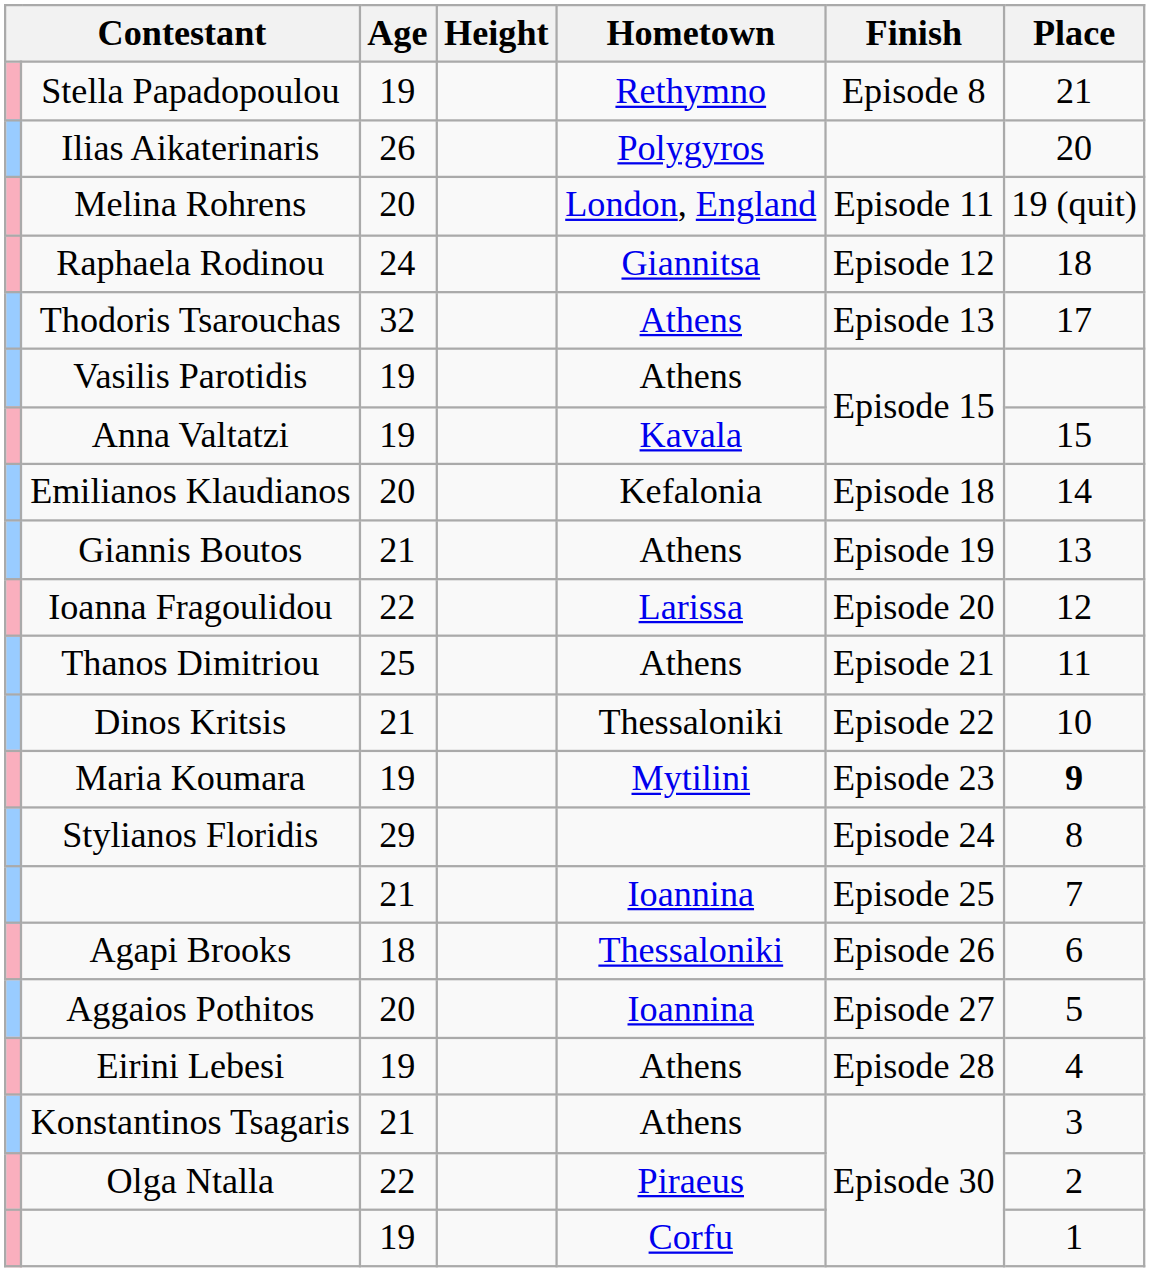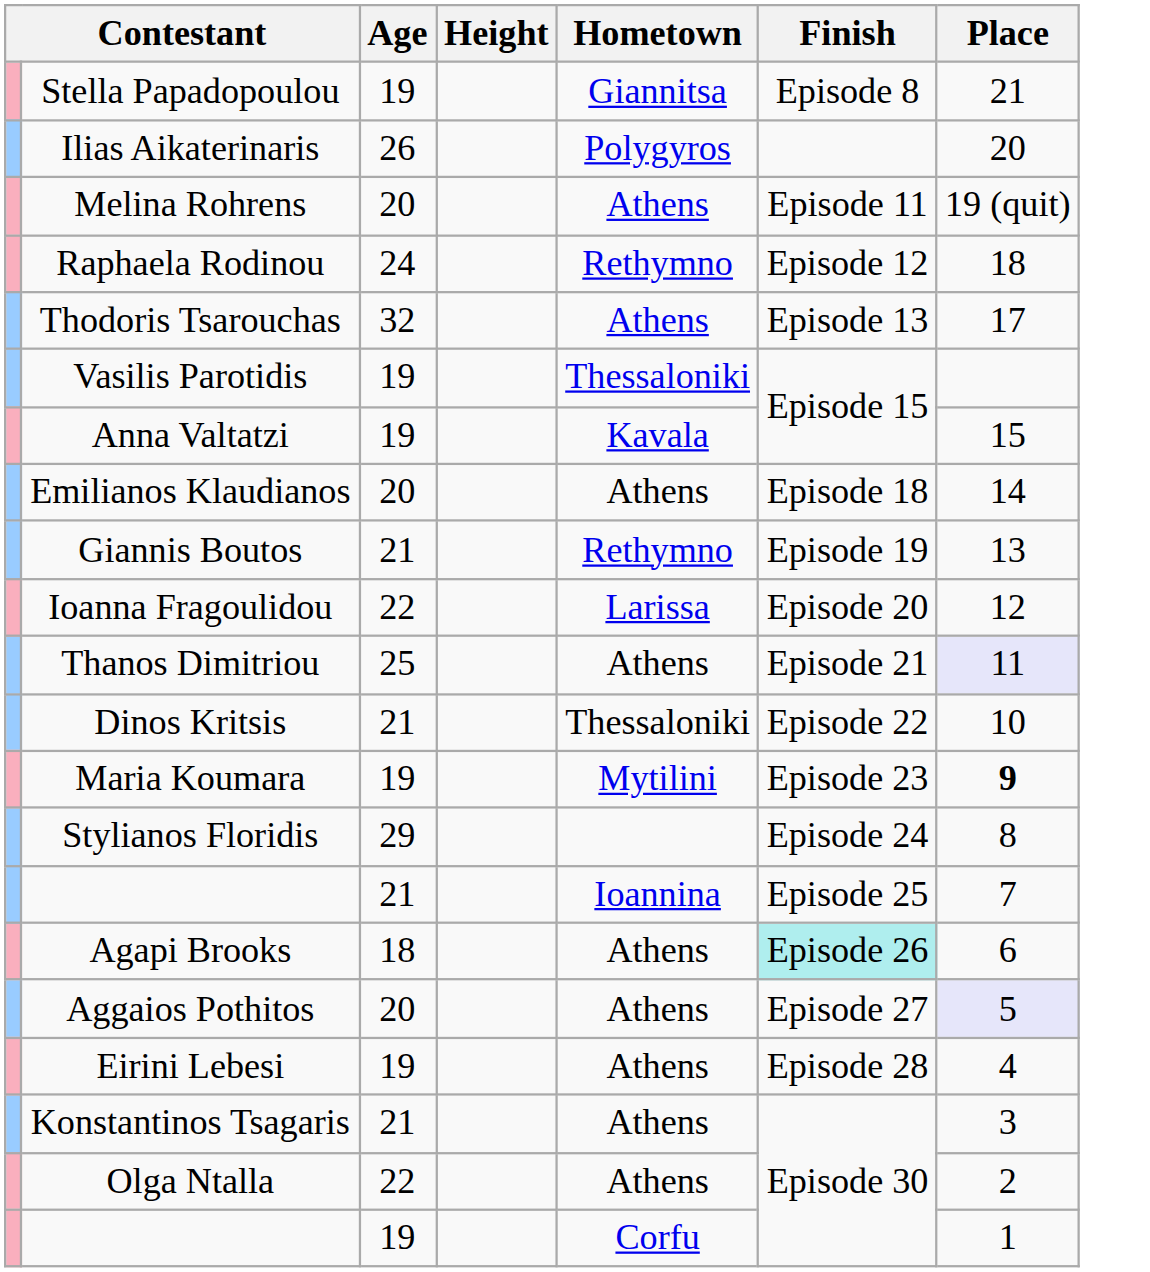 <table class="wikitable sortable" style="text-align:center;">
 <tr>
 <th colspan="2">Contestant</th>
 <th>Age</th>
 <th>Height</th>
 <th>Hometown</th>
 <th>Finish</th>
 <th>Place</th>
 </tr>
 <tr>
 <td style="background:#faafbe"></td>
 <td>Stella Papadopoulou</td>
 <td>19</td>
 <td></td>
-<td><a href='#'>Rethymno</a></td>
+<td><a href='#'>Giannitsa</a></td>
 <td>Episode 8</td>
 <td>21</td>
 </tr>
 <tr>
 <td style="background:#9cf;"></td>
 <td>Ilias Aikaterinaris</td>
 <td>26</td>
 <td></td>
 <td><a href='#'>Polygyros</a></td>
 <td></td>
 <td>20</td>
 </tr>
 <tr>
 <td style="background:#faafbe"></td>
 <td>Melina Rohrens</td>
 <td>20</td>
 <td></td>
-<td><a href='#'>London</a>, <a href='#'>England</a></td>
+<td><a href='#'>Athens</a></td>
 <td>Episode 11</td>
 <td>19 (quit)</td>
 </tr>
 <tr>
 <td style="background:#faafbe"></td>
 <td>Raphaela Rodinou</td>
 <td>24</td>
 <td></td>
-<td><a href='#'>Giannitsa</a></td>
+<td><a href='#'>Rethymno</a></td>
 <td>Episode 12</td>
 <td>18</td>
 </tr>
 <tr>
 <td style="background:#9cf;"></td>
 <td>Thodoris Tsarouchas</td>
 <td>32</td>
 <td></td>
 <td><a href='#'>Athens</a></td>
 <td>Episode 13</td>
 <td>17</td>
 </tr>
 <tr>
 <td style="background:#9cf;"></td>
 <td>Vasilis Parotidis</td>
 <td>19</td>
 <td></td>
-<td>Athens</td>
+<td><a href='#'>Thessaloniki</a></td>
 <td rowspan="2">Episode 15</td>
 <td></td>
 </tr>
 <tr>
 <td style="background:#faafbe"></td>
 <td>Anna Valtatzi</td>
 <td>19</td>
 <td></td>
 <td><a href='#'>Kavala</a></td>
 <td>15</td>
 </tr>
 <tr>
 <td style="background:#9cf;"></td>
 <td>Emilianos Klaudianos</td>
 <td>20</td>
 <td></td>
-<td>Kefalonia</td>
+<td>Athens</td>
 <td>Episode 18</td>
 <td>14</td>
 </tr>
 <tr>
 <td style="background:#9cf;"></td>
 <td>Giannis Boutos</td>
 <td>21</td>
 <td></td>
-<td>Athens</td>
+<td><a href='#'>Rethymno</a></td>
 <td>Episode 19</td>
 <td>13</td>
 </tr>
 <tr>
 <td style="background:#faafbe"></td>
 <td>Ioanna Fragoulidou</td>
 <td>22</td>
 <td></td>
 <td><a href='#'>Larissa</a></td>
 <td>Episode 20</td>
 <td>12</td>
 </tr>
 <tr>
 <td style="background:#9cf;"></td>
 <td>Thanos Dimitriou</td>
 <td>25</td>
 <td></td>
 <td>Athens</td>
 <td>Episode 21</td>
-<td>11</td>
+<td style="background: lavender;">11</td>
 </tr>
 <tr>
 <td style="background:#9cf;"></td>
 <td>Dinos Kritsis</td>
 <td>21</td>
 <td></td>
 <td>Thessaloniki</td>
 <td>Episode 22</td>
 <td>10</td>
 </tr>
 <tr>
 <td style="background:#faafbe"></td>
 <td>Maria Koumara</td>
 <td>19</td>
 <td></td>
 <td><a href='#'>Mytilini</a></td>
 <td>Episode 23</td>
 <td><strong>9</strong></td>
 </tr>
 <tr>
 <td style="background:#9cf;"></td>
 <td>Stylianos Floridis</td>
 <td>29</td>
 <td></td>
 <td></td>
 <td>Episode 24</td>
 <td>8</td>
 </tr>
 <tr>
 <td style="background:#9cf;"></td>
 <td></td>
 <td>21</td>
 <td></td>
 <td><a href='#'>Ioannina</a></td>
 <td>Episode 25</td>
 <td>7</td>
 </tr>
 <tr>
 <td style="background:#faafbe"></td>
 <td>Agapi Brooks</td>
 <td>18</td>
 <td></td>
-<td><a href='#'>Thessaloniki</a></td>
-<td>Episode 26</td>
+<td>Athens</td>
+<td style="background: paleturquoise;">Episode 26</td>
 <td>6</td>
 </tr>
 <tr>
 <td style="background:#9cf;"></td>
 <td>Aggaios Pothitos</td>
 <td>20</td>
 <td></td>
-<td><a href='#'>Ioannina</a></td>
+<td>Athens</td>
 <td>Episode 27</td>
-<td>5</td>
+<td style="background: lavender;">5</td>
 </tr>
 <tr>
 <td style="background:#faafbe"></td>
 <td>Eirini Lebesi</td>
 <td>19</td>
 <td></td>
 <td>Athens</td>
 <td>Episode 28</td>
 <td>4</td>
 </tr>
 <tr>
 <td style="background:#9cf;"></td>
 <td>Konstantinos Tsagaris</td>
 <td>21</td>
 <td></td>
 <td>Athens</td>
 <td rowspan="3">Episode 30</td>
 <td>3</td>
 </tr>
 <tr>
 <td style="background:#faafbe"></td>
 <td>Olga Ntalla</td>
 <td>22</td>
 <td></td>
-<td><a href='#'>Piraeus</a></td>
+<td>Athens</td>
 <td>2</td>
 </tr>
 <tr>
 <td style="background:#faafbe"></td>
 <td></td>
 <td>19</td>
 <td></td>
 <td><a href='#'>Corfu</a></td>
 <td>1</td>
 </tr>
 </table>
